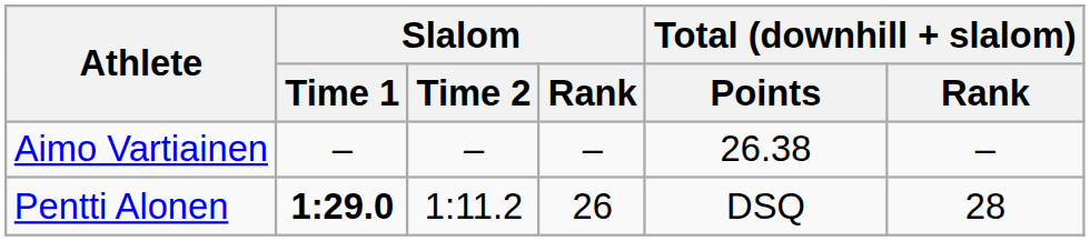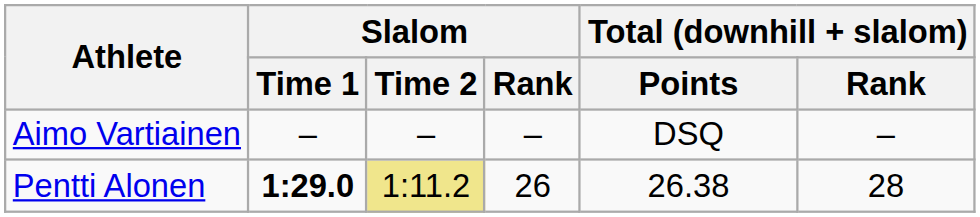 <table class="wikitable" style="font-size:90%">
 <tr>
 <th rowspan="2">Athlete</th>
 <th colspan="3">Slalom</th>
 <th colspan="2">Total (downhill + slalom)</th>
 </tr>
 <tr>
 <th>Time 1</th>
 <th>Time 2</th>
 <th>Rank</th>
 <th>Points</th>
 <th>Rank</th>
 </tr>
 <tr>
 <td><a href='#'>Aimo Vartiainen</a></td>
 <td align="center">–</td>
 <td align="center">–</td>
 <td align="center">–</td>
-<td align="center">26.38</td>
+<td align="center">DSQ</td>
 <td align="center">–</td>
 </tr>
 <tr>
 <td><a href='#'>Pentti Alonen</a></td>
 <td align="center"><strong>1:29.0</strong></td>
-<td align="center">1:11.2</td>
+<td align="center" style="background: khaki;">1:11.2</td>
 <td align="center">26</td>
-<td align="center">DSQ</td>
+<td align="center">26.38</td>
 <td align="center">28</td>
 </tr>
 </table>
